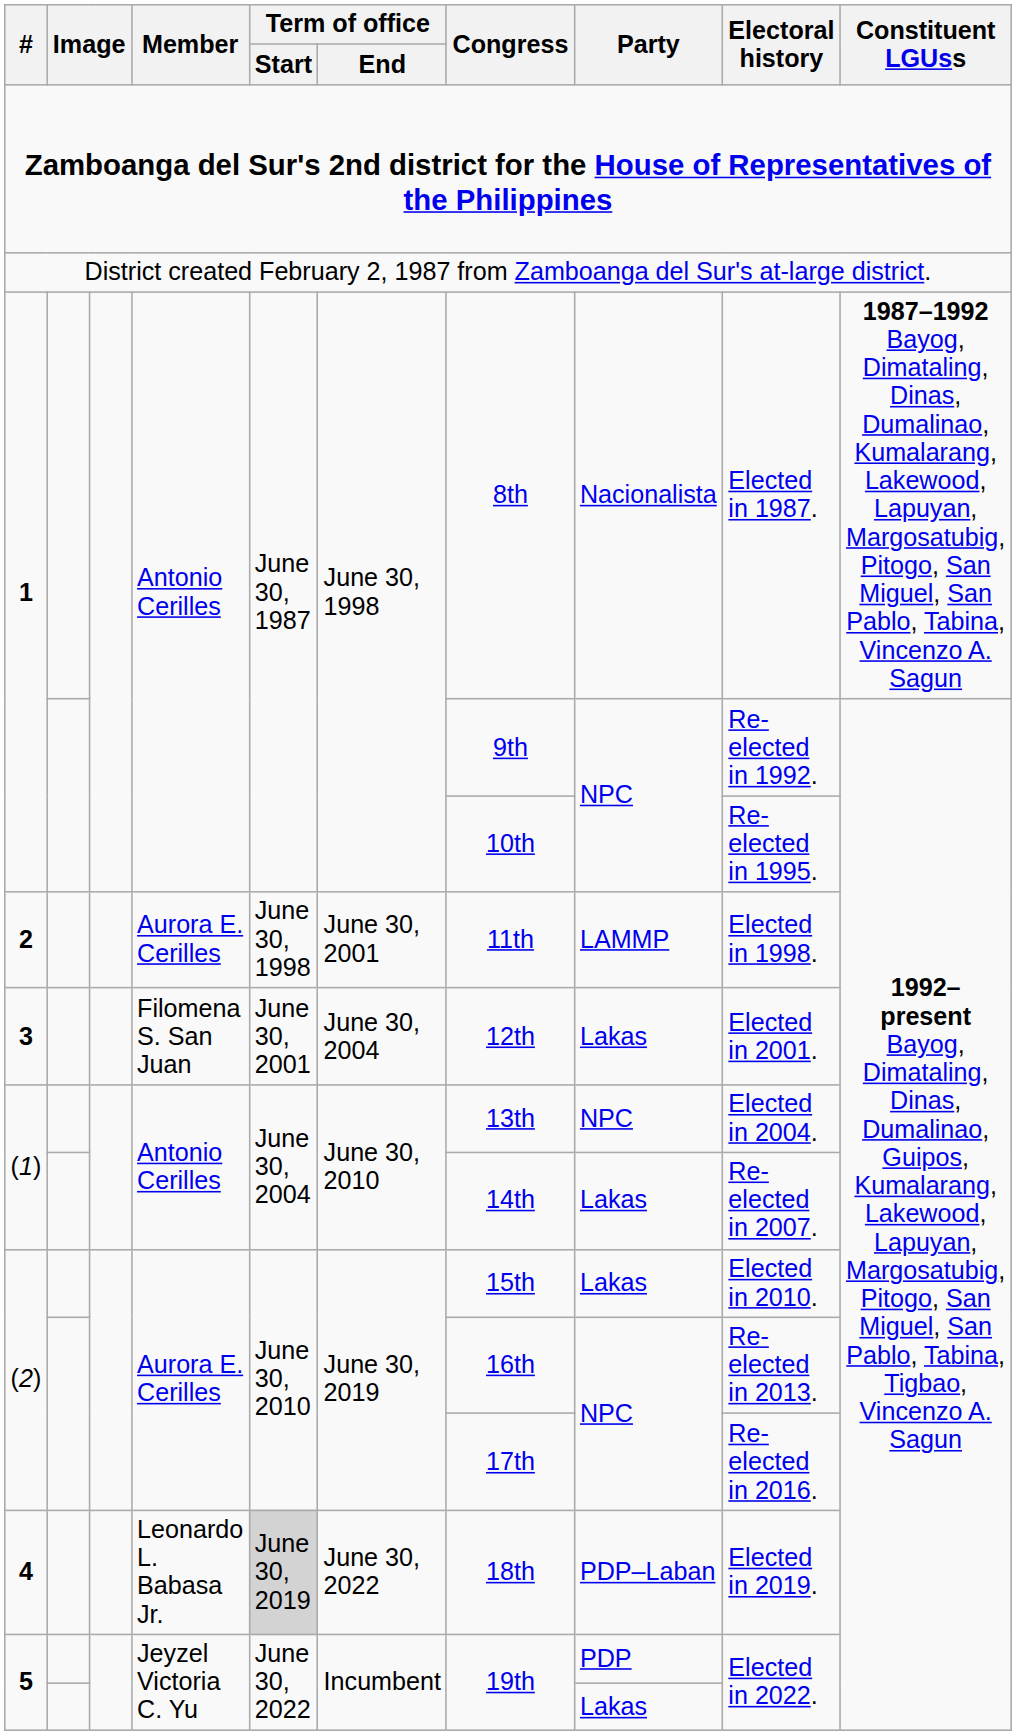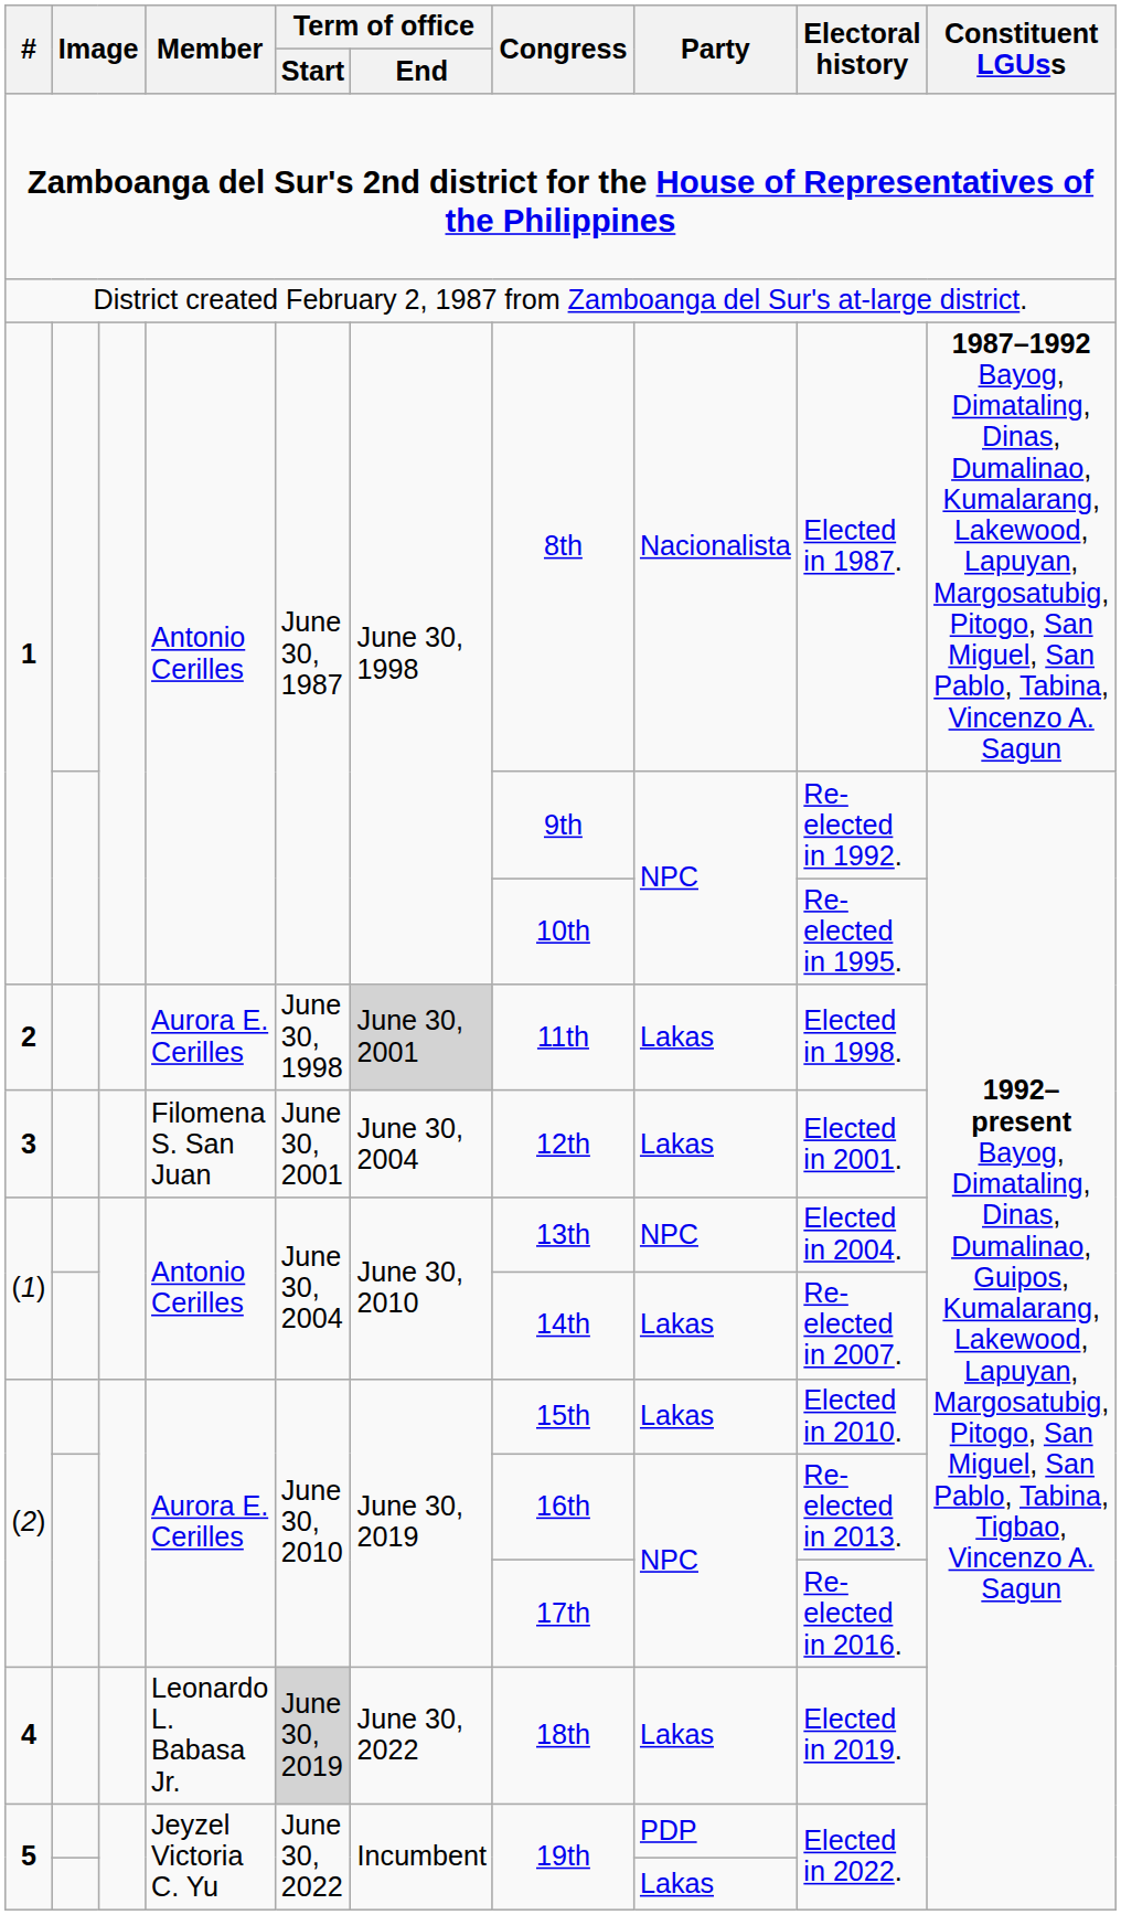 <table class=wikitable>
 <tr>
 <th rowspan="2">#</th>
 <th rowspan="2" colspan=2>Image</th>
 <th rowspan="2">Member</th>
 <th colspan=2>Term of office</th>
 <th rowspan="2">Congress</th>
 <th rowspan="2">Party</th>
 <th rowspan="2">Electoral history</th>
 <th rowspan="2">Constituent<br><a href='#'>LGUs</a>s</th>
 </tr>
 <tr>
 <th>Start</th>
 <th>End</th>
 </tr>
 <tr>
 <td colspan="10" style="text-align:center;"><br><h3>Zamboanga del Sur's 2nd district for the <a href='#'>House of Representatives of the Philippines</a></h3></td>
 </tr>
 <tr>
 <td colspan="10" style="text-align:center;">District created February 2, 1987 from <a href='#'>Zamboanga del Sur's at-large district</a>.</td>
 </tr>
 <tr>
 <td rowspan="3" style="text-align:center;"><strong>1</strong></td>
 <td style="color:inherit;background:"></td>
 <td rowspan="3"></td>
 <td rowspan="3"><a href='#'>Antonio Cerilles</a></td>
 <td rowspan="3">June 30, 1987</td>
 <td rowspan="3">June 30, 1998</td>
 <td style="text-align:center;"><a href='#'>8th</a></td>
 <td><a href='#'>Nacionalista</a></td>
 <td><a href='#'>Elected in 1987</a>.</td>
 <td style="text-align:center;"><strong>1987–1992</strong><br><a href='#'>Bayog</a>, <a href='#'>Dimataling</a>, <a href='#'>Dinas</a>, <a href='#'>Dumalinao</a>, <a href='#'>Kumalarang</a>, <a href='#'>Lakewood</a>, <a href='#'>Lapuyan</a>, <a href='#'>Margosatubig</a>, <a href='#'>Pitogo</a>, <a href='#'>San Miguel</a>, <a href='#'>San Pablo</a>, <a href='#'>Tabina</a>, <a href='#'>Vincenzo A. Sagun</a></td>
 </tr>
 <tr>
 <td rowspan="2" style="color:inherit;background:"></td>
 <td style="text-align:center;"><a href='#'>9th</a></td>
 <td rowspan="2"><a href='#'>NPC</a></td>
 <td><a href='#'>Re-elected in 1992</a>.</td>
 <td rowspan="12" style="text-align:center;"><strong>1992–present</strong><br><a href='#'>Bayog</a>, <a href='#'>Dimataling</a>, <a href='#'>Dinas</a>, <a href='#'>Dumalinao</a>, <a href='#'>Guipos</a>, <a href='#'>Kumalarang</a>, <a href='#'>Lakewood</a>, <a href='#'>Lapuyan</a>, <a href='#'>Margosatubig</a>, <a href='#'>Pitogo</a>, <a href='#'>San Miguel</a>, <a href='#'>San Pablo</a>, <a href='#'>Tabina</a>, <a href='#'>Tigbao</a>, <a href='#'>Vincenzo A. Sagun</a></td>
 </tr>
 <tr>
 <td style="text-align:center;"><a href='#'>10th</a></td>
 <td><a href='#'>Re-elected in 1995</a>.</td>
 </tr>
 <tr>
 <td style="text-align:center;"><strong>2</strong></td>
 <td style="color:inherit;background:"></td>
 <td></td>
 <td><a href='#'>Aurora E. Cerilles</a></td>
 <td>June 30, 1998</td>
-<td>June 30, 2001</td>
+<td style="background: lightgrey;">June 30, 2001</td>
 <td style="text-align:center;"><a href='#'>11th</a></td>
-<td><a href='#'>LAMMP</a></td>
+<td><a href='#'>Lakas</a></td>
 <td><a href='#'>Elected in 1998</a>.</td>
 </tr>
 <tr>
 <td style="text-align:center;"><strong>3</strong></td>
 <td style="color:inherit;background:"></td>
 <td></td>
 <td>Filomena S. San Juan</td>
 <td>June 30, 2001</td>
 <td>June 30, 2004</td>
 <td style="text-align:center;"><a href='#'>12th</a></td>
 <td><a href='#'>Lakas</a></td>
 <td><a href='#'>Elected in 2001</a>.</td>
 </tr>
 <tr>
 <td rowspan="2" style="text-align:center;">(<em>1</em>)</td>
 <td style="color:inherit;background:"></td>
 <td rowspan="2"></td>
 <td rowspan="2"><a href='#'>Antonio Cerilles</a></td>
 <td rowspan="2">June 30, 2004</td>
 <td rowspan="2">June 30, 2010</td>
 <td style="text-align:center;"><a href='#'>13th</a></td>
 <td><a href='#'>NPC</a></td>
 <td><a href='#'>Elected in 2004</a>.</td>
 </tr>
 <tr>
 <td style="color:inherit;background:"></td>
 <td style="text-align:center;"><a href='#'>14th</a></td>
 <td><a href='#'>Lakas</a></td>
 <td><a href='#'>Re-elected in 2007</a>.</td>
 </tr>
 <tr>
 <td rowspan="3" style="text-align:center;">(<em>2</em>)</td>
 <td style="color:inherit;background:"></td>
 <td rowspan="3"></td>
 <td rowspan="3"><a href='#'>Aurora E. Cerilles</a></td>
 <td rowspan="3">June 30, 2010</td>
 <td rowspan="3">June 30, 2019</td>
 <td style="text-align:center;"><a href='#'>15th</a></td>
 <td><a href='#'>Lakas</a></td>
 <td><a href='#'>Elected in 2010</a>.</td>
 </tr>
 <tr>
 <td rowspan="2" style="color:inherit;background:"></td>
 <td style="text-align:center;"><a href='#'>16th</a></td>
 <td rowspan="2"><a href='#'>NPC</a></td>
 <td><a href='#'>Re-elected in 2013</a>.</td>
 </tr>
 <tr>
 <td style="text-align:center;"><a href='#'>17th</a></td>
 <td><a href='#'>Re-elected in 2016</a>.</td>
 </tr>
 <tr>
 <td style="text-align:center;"><strong>4</strong></td>
 <td style="color:inherit;background:"></td>
 <td></td>
 <td>Leonardo L. Babasa Jr.</td>
 <td style="background: lightgrey;">June 30, 2019</td>
 <td>June 30, 2022</td>
 <td style="text-align:center;"><a href='#'>18th</a></td>
-<td><a href='#'>PDP–Laban</a></td>
+<td><a href='#'>Lakas</a></td>
 <td><a href='#'>Elected in 2019</a>.</td>
 </tr>
 <tr>
 <td style="text-align:center;" rowspan="2"><strong>5</strong></td>
 <td style="color:inherit;background:"></td>
 <td rowspan="2"></td>
 <td rowspan="2">Jeyzel Victoria C. Yu</td>
 <td rowspan="2">June 30, 2022</td>
 <td rowspan="2">Incumbent</td>
 <td style="text-align:center;" rowspan="2"><a href='#'>19th</a></td>
 <td><a href='#'>PDP</a></td>
 <td rowspan="2"><a href='#'>Elected in 2022</a>.</td>
 </tr>
 <tr>
 <td style="color:inherit;background:"></td>
 <td><a href='#'>Lakas</a></td>
 </tr>
 </table>
